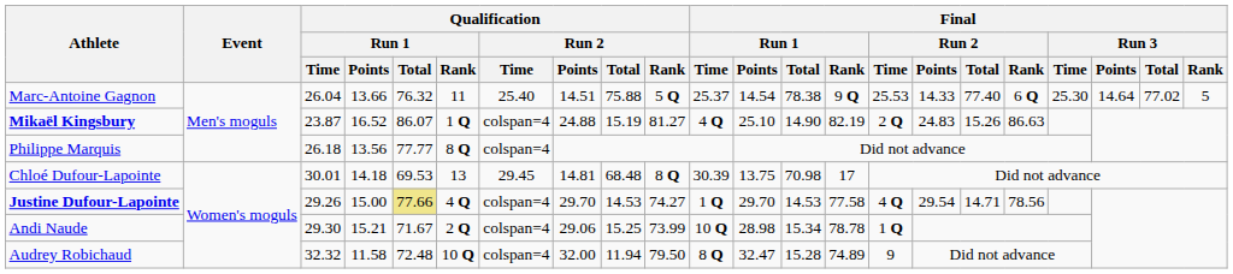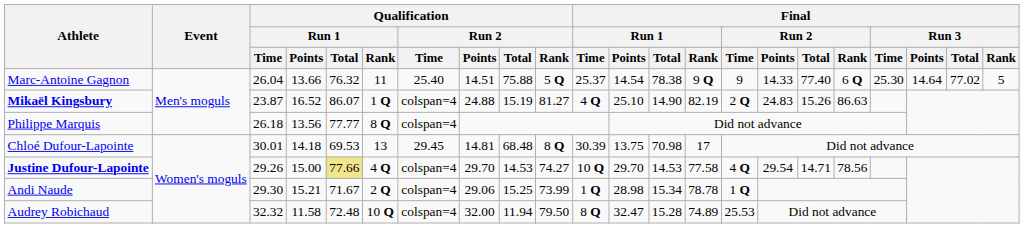 <table class="wikitable" style="font-size:90%">
 <tr>
 <th rowspan=3>Athlete</th>
 <th rowspan=3>Event</th>
 <th colspan=8>Qualification</th>
 <th colspan=12>Final</th>
 </tr>
 <tr style="font-size:95%">
 <th colspan=4>Run 1</th>
 <th colspan=4>Run 2</th>
 <th colspan=4>Run 1</th>
 <th colspan=4>Run 2</th>
 <th colspan=4>Run 3</th>
 </tr>
 <tr style="font-size:95%">
 <th>Time</th>
 <th>Points</th>
 <th>Total</th>
 <th>Rank</th>
 <th>Time</th>
 <th>Points</th>
 <th>Total</th>
 <th>Rank</th>
 <th>Time</th>
 <th>Points</th>
 <th>Total</th>
 <th>Rank</th>
 <th>Time</th>
 <th>Points</th>
 <th>Total</th>
 <th>Rank</th>
 <th>Time</th>
 <th>Points</th>
 <th>Total</th>
 <th>Rank</th>
 </tr>
 <tr align=center>
 <td align=left><a href='#'>Marc-Antoine Gagnon</a></td>
 <td rowspan="3" align="left"><a href='#'>Men's moguls</a></td>
 <td>26.04</td>
 <td>13.66</td>
 <td>76.32</td>
 <td>11</td>
 <td>25.40</td>
 <td>14.51</td>
 <td>75.88</td>
 <td>5 <strong>Q</strong></td>
 <td>25.37</td>
 <td>14.54</td>
 <td>78.38</td>
 <td>9 <strong>Q</strong></td>
-<td>25.53</td>
+<td>9</td>
 <td>14.33</td>
 <td>77.40</td>
 <td>6 <strong>Q</strong></td>
 <td>25.30</td>
 <td>14.64</td>
 <td>77.02</td>
 <td>5</td>
 </tr>
 <tr align=center>
 <td align=left><strong><a href='#'>Mikaël Kingsbury</a></strong></td>
 <td>23.87</td>
 <td>16.52</td>
 <td>86.07</td>
 <td>1 <strong>Q</strong></td>
 <td>colspan=4 </td>
 <td>24.88</td>
 <td>15.19</td>
 <td>81.27</td>
 <td>4 <strong>Q</strong></td>
 <td>25.10</td>
 <td>14.90</td>
 <td>82.19</td>
 <td>2 <strong>Q</strong></td>
 <td>24.83</td>
 <td>15.26</td>
 <td>86.63</td>
 <td></td>
 </tr>
 <tr align=center>
 <td align=left><a href='#'>Philippe Marquis</a></td>
 <td>26.18</td>
 <td>13.56</td>
 <td>77.77</td>
 <td>8 <strong>Q</strong></td>
 <td>colspan=4 </td>
 <td colspan=4></td>
 <td colspan=8>Did not advance</td>
 </tr>
 <tr align=center>
 <td align=left><a href='#'>Chloé Dufour-Lapointe</a></td>
 <td align="left" rowspan="4"><a href='#'>Women's moguls</a></td>
 <td>30.01</td>
 <td>14.18</td>
 <td>69.53</td>
 <td>13</td>
 <td>29.45</td>
 <td>14.81</td>
 <td>68.48</td>
 <td>8 <strong>Q</strong></td>
 <td>30.39</td>
 <td>13.75</td>
 <td>70.98</td>
 <td>17</td>
 <td colspan=8>Did not advance</td>
 </tr>
 <tr align=center>
 <td align=left><strong><a href='#'>Justine Dufour-Lapointe</a></strong></td>
 <td>29.26</td>
 <td>15.00</td>
 <td style="background: khaki;">77.66</td>
 <td>4 <strong>Q</strong></td>
 <td>colspan=4 </td>
 <td>29.70</td>
 <td>14.53</td>
 <td>74.27</td>
-<td>1 <strong>Q</strong></td>
+<td>10 <strong>Q</strong></td>
 <td>29.70</td>
 <td>14.53</td>
 <td>77.58</td>
 <td>4 <strong>Q</strong></td>
 <td>29.54</td>
 <td>14.71</td>
 <td>78.56</td>
 <td></td>
 </tr>
 <tr align=center>
 <td align=left><a href='#'>Andi Naude</a></td>
 <td>29.30</td>
 <td>15.21</td>
 <td>71.67</td>
 <td>2 <strong>Q</strong></td>
 <td>colspan=4 </td>
 <td>29.06</td>
 <td>15.25</td>
 <td>73.99</td>
-<td>10 <strong>Q</strong></td>
+<td>1 <strong>Q</strong></td>
 <td>28.98</td>
 <td>15.34</td>
 <td>78.78</td>
 <td>1 <strong>Q</strong></td>
 <td colspan=4></td>
 </tr>
 <tr align=center>
 <td align=left><a href='#'>Audrey Robichaud</a></td>
 <td>32.32</td>
 <td>11.58</td>
 <td>72.48</td>
 <td>10 <strong>Q</strong></td>
 <td>colspan=4 </td>
 <td>32.00</td>
 <td>11.94</td>
 <td>79.50</td>
 <td>8 <strong>Q</strong></td>
 <td>32.47</td>
 <td>15.28</td>
 <td>74.89</td>
-<td>9</td>
+<td>25.53</td>
 <td colspan=4>Did not advance</td>
 </tr>
 </table>
